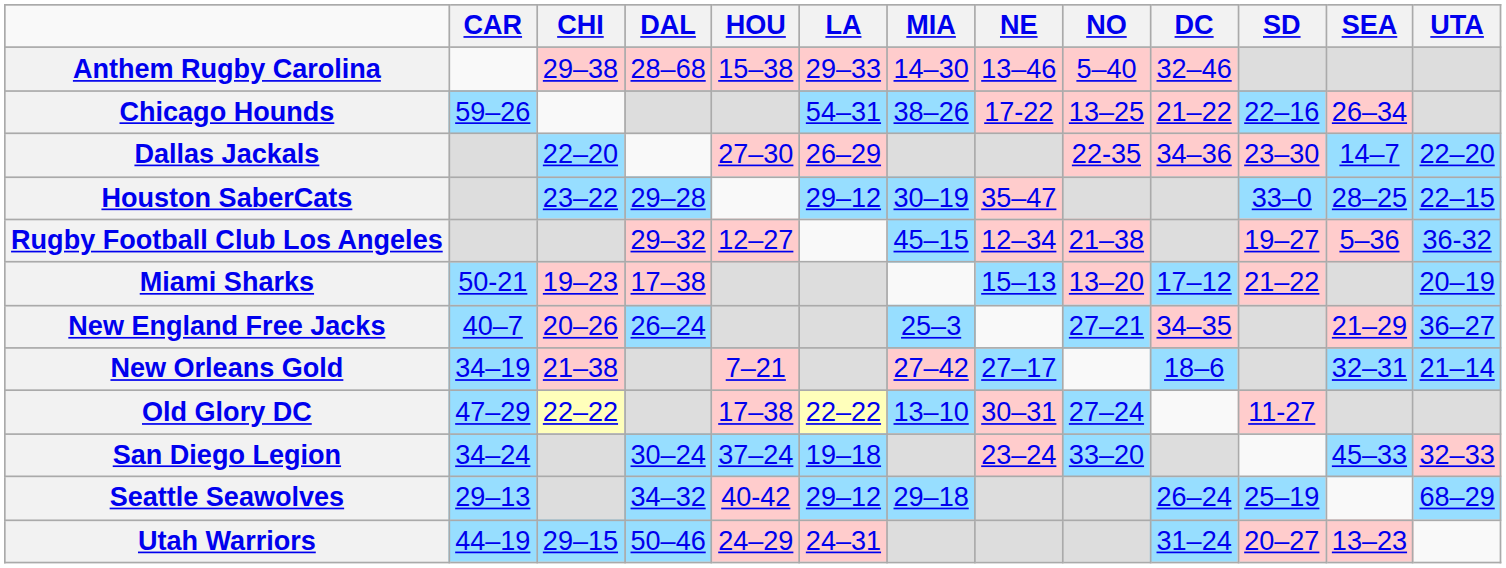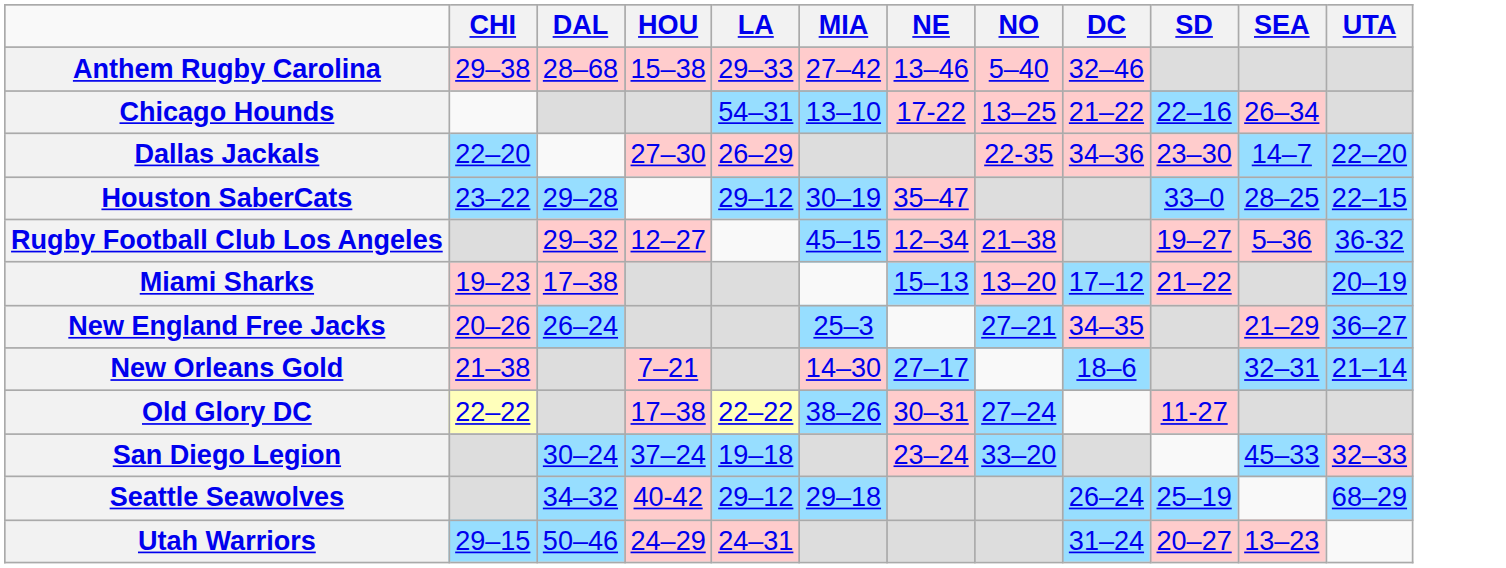 <table class="wikitable" style="text-align:center;">
 <tr>
 <td></td>
-<th><a href='#'>CAR</a></th>
 <th><a href='#'>CHI</a></th>
 <th><a href='#'>DAL</a></th>
 <th><a href='#'>HOU</a></th>
 <th><a href='#'>LA</a></th>
 <th><a href='#'>MIA</a></th>
 <th><a href='#'>NE</a></th>
 <th><a href='#'>NO</a></th>
 <th><a href='#'>DC</a></th>
 <th><a href='#'>SD</a></th>
 <th><a href='#'>SEA</a></th>
 <th><a href='#'>UTA</a></th>
 </tr>
 <tr>
 <th><a href='#'>Anthem Rugby Carolina</a></th>
-<td style="background:#white;"></td>
 <td style="background:#fcc;"><a href='#'>29–38</a></td>
 <td style="background:#fcc;"><a href='#'>28–68</a></td>
 <td style="background:#fcc;"><a href='#'>15–38</a></td>
 <td style="background:#fcc;"><a href='#'>29–33</a></td>
-<td style="background:#fcc;"><a href='#'>14–30</a></td>
+<td style="background:#fcc;"><a href='#'>27–42</a></td>
 <td style="background:#fcc;"><a href='#'>13–46</a></td>
 <td style="background:#fcc;"><a href='#'>5–40</a></td>
 <td style="background:#fcc;"><a href='#'>32–46</a></td>
 <td style="background:#ddd;"></td>
 <td style="background:#ddd;"></td>
 <td style="background:#ddd;"></td>
 </tr>
 <tr>
 <th><a href='#'>Chicago Hounds</a></th>
-<td style="background:#97deff;"><a href='#'>59–26</a></td>
 <td style="background:#white;"></td>
 <td style="background:#ddd;"></td>
 <td style="background:#ddd;"></td>
 <td style="background:#97deff;"><a href='#'>54–31</a></td>
-<td style="background:#97deff;"><a href='#'>38–26</a></td>
+<td style="background:#97deff;"><a href='#'>13–10</a></td>
 <td style="background:#fcc;"><a href='#'>17-22</a></td>
 <td style="background:#fcc;"><a href='#'>13–25</a></td>
 <td style="background:#fcc;"><a href='#'>21–22</a></td>
 <td style="background:#97deff;"><a href='#'>22–16</a></td>
 <td style="background:#fcc;"><a href='#'>26–34</a></td>
 <td style="background:#ddd;"></td>
 </tr>
 <tr>
 <th><a href='#'>Dallas Jackals</a></th>
-<td style="background:#ddd;"></td>
 <td style="background:#97deff;"><a href='#'>22–20</a></td>
 <td style="background:#white;"></td>
 <td style="background:#fcc;"><a href='#'>27–30</a></td>
 <td style="background:#fcc;"><a href='#'>26–29</a></td>
 <td style="background:#ddd;"></td>
 <td style="background:#ddd;"></td>
 <td style="background:#fcc;"><a href='#'>22-35</a></td>
 <td style="background:#fcc;"><a href='#'>34–36</a></td>
 <td style="background:#fcc;"><a href='#'>23–30</a></td>
 <td style="background:#97deff;"><a href='#'>14–7</a></td>
 <td style="background:#97deff;"><a href='#'>22–20</a></td>
 </tr>
 <tr>
 <th><a href='#'>Houston SaberCats</a></th>
-<td style="background:#ddd;"></td>
 <td style="background:#97deff;"><a href='#'>23–22</a></td>
 <td style="background:#97deff;"><a href='#'>29–28</a></td>
 <td style="background:#white;"></td>
 <td style="background:#97deff;"><a href='#'>29–12</a></td>
 <td style="background:#97deff;"><a href='#'>30–19</a></td>
 <td style="background:#fcc;"><a href='#'>35–47</a></td>
 <td style="background:#ddd;"></td>
 <td style="background:#ddd;"></td>
 <td style="background:#97deff;"><a href='#'>33–0</a></td>
 <td style="background:#97deff;"><a href='#'>28–25</a></td>
 <td style="background:#97deff;'"><a href='#'>22–15</a></td>
 </tr>
 <tr>
 <th><a href='#'>Rugby Football Club Los Angeles</a></th>
 <td style="background:#ddd;"></td>
-<td style="background:#ddd;"></td>
 <td style="background:#fcc;"><a href='#'>29–32</a></td>
 <td style="background:#fcc;"><a href='#'>12–27</a></td>
 <td style="background:#white;"></td>
 <td style="background:#97deff;"><a href='#'>45–15</a></td>
 <td style="background:#fcc;"><a href='#'>12–34</a></td>
 <td style="background:#fcc;"><a href='#'>21–38</a></td>
 <td style="background:#ddd;"></td>
 <td style="background:#fcc;"><a href='#'>19–27</a></td>
 <td style="background:#fcc;"><a href='#'>5–36</a></td>
 <td style="background:#97deff;"><a href='#'>36-32</a></td>
 </tr>
 <tr>
 <th><a href='#'>Miami Sharks</a></th>
-<td style="background:#97deff;"><a href='#'>50-21</a></td>
 <td style="background:#fcc;"><a href='#'>19–23</a></td>
 <td style="background:#fcc;"><a href='#'>17–38</a></td>
 <td style="background:#ddd;"></td>
 <td style="background:#ddd;"></td>
 <td style="background:#white;"></td>
 <td style="background:#97deff;"><a href='#'>15–13</a></td>
 <td style="background:#fcc;"><a href='#'>13–20</a></td>
 <td style="background:#97deff;"><a href='#'>17–12</a></td>
 <td style="background:#fcc;"><a href='#'>21–22</a></td>
 <td style="background:#ddd;"></td>
 <td style="background:#97deff;"><a href='#'>20–19</a></td>
 </tr>
 <tr>
 <th><a href='#'>New England Free Jacks</a></th>
-<td style="background:#97deff;"><a href='#'>40–7</a></td>
 <td style="background:#fcc;"><a href='#'>20–26</a></td>
 <td style="background:#97deff;"><a href='#'>26–24</a></td>
 <td style="background:#ddd;"></td>
 <td style="background:#ddd;"></td>
 <td style="background:#97deff;"><a href='#'>25–3</a></td>
 <td style="background:#white;"></td>
 <td style="background:#97deff;"><a href='#'>27–21</a></td>
 <td style="background:#fcc;"><a href='#'>34–35</a></td>
 <td style="background:#ddd;"></td>
 <td style="background:#fcc;"><a href='#'>21–29</a></td>
 <td style="background:#97deff;"><a href='#'>36–27</a></td>
 </tr>
 <tr>
 <th><a href='#'>New Orleans Gold</a></th>
-<td style="background:#97deff"><a href='#'>34–19</a></td>
 <td style="background:#fcc;"><a href='#'>21–38</a></td>
 <td style="background:#ddd;"></td>
 <td style="background:#fcc;"><a href='#'>7–21</a></td>
 <td style="background:#ddd;"></td>
-<td style="background:#fcc;"><a href='#'>27–42</a></td>
+<td style="background:#fcc;"><a href='#'>14–30</a></td>
 <td style="background:#97deff;"><a href='#'>27–17</a></td>
 <td style="background:#white;"></td>
 <td style="background:#97deff;"><a href='#'>18–6</a></td>
 <td style="background:#ddd;"></td>
 <td style="background:#97deff;"><a href='#'>32–31</a></td>
 <td style="background:#97deff;"><a href='#'>21–14</a></td>
 </tr>
 <tr>
 <th><a href='#'>Old Glory DC</a></th>
-<td style="background:#97deff;"><a href='#'>47–29</a></td>
 <td style="background:#ffb;"><a href='#'>22–22</a></td>
 <td style="background:#ddd;"></td>
 <td style="background:#fcc;"><a href='#'>17–38</a></td>
 <td style="background:#ffb;"><a href='#'>22–22</a></td>
-<td style="background:#97deff;"><a href='#'>13–10</a></td>
+<td style="background:#97deff;"><a href='#'>38–26</a></td>
 <td style="background:#fcc;"><a href='#'>30–31</a></td>
 <td style="background:#97deff;"><a href='#'>27–24</a></td>
 <td style="background:#white;"></td>
 <td style="background:#fcc;"><a href='#'>11-27</a></td>
 <td style="background:#ddd;"></td>
 <td style="background:#ddd;"></td>
 </tr>
 <tr>
 <th><a href='#'>San Diego Legion</a></th>
-<td style="background:#97deff;"><a href='#'>34–24</a></td>
 <td style="background:#ddd;"></td>
 <td style="background:#97deff;"><a href='#'>30–24</a></td>
 <td style="background:#97deff;"><a href='#'>37–24</a></td>
 <td style="background:#97deff;"><a href='#'>19–18</a></td>
 <td style="background:#ddd;"></td>
 <td style="background:#fcc;"><a href='#'>23–24</a></td>
 <td style="background:#97deff;"><a href='#'>33–20</a></td>
 <td style="background:#ddd;"></td>
 <td style="background:#white;"></td>
 <td style="background:#97deff;"><a href='#'>45–33</a></td>
 <td style="background:#fcc;"><a href='#'>32–33</a></td>
 </tr>
 <tr>
 <th><a href='#'>Seattle Seawolves</a></th>
-<td style="background:#97deff;"><a href='#'>29–13</a></td>
 <td style="background:#ddd;"></td>
 <td style="background:#97deff;"><a href='#'>34–32</a></td>
 <td style="background:#fcc;"><a href='#'>40-42</a></td>
 <td style="background:#97deff;"><a href='#'>29–12</a></td>
 <td style="background:#97deff;"><a href='#'>29–18</a></td>
 <td style="background:#ddd;"></td>
 <td style="background:#ddd;"></td>
 <td style="background:#97deff;"><a href='#'>26–24</a></td>
 <td style="background:#97deff;"><a href='#'>25–19</a></td>
 <td style="background:#white;"></td>
 <td style="background:#97deff;"><a href='#'>68–29</a></td>
 </tr>
 <tr>
 <th><a href='#'>Utah Warriors</a></th>
-<td style="background:#97deff;"><a href='#'>44–19</a></td>
 <td style="background:#97deff;"><a href='#'>29–15</a></td>
 <td style="background:#97deff;"><a href='#'>50–46</a></td>
 <td style="background:#fcc;"><a href='#'>24–29</a></td>
 <td style="background:#fcc;"><a href='#'>24–31</a></td>
 <td style="background:#ddd;"></td>
 <td style="background:#ddd;"></td>
 <td style="background:#ddd;"></td>
 <td style="background:#97deff;"><a href='#'>31–24</a></td>
 <td style="background:#fcc;"><a href='#'>20–27</a></td>
 <td style="background:#fcc;"><a href='#'>13–23</a></td>
 <td style="background:#white;"></td>
 </tr>
 </table>
